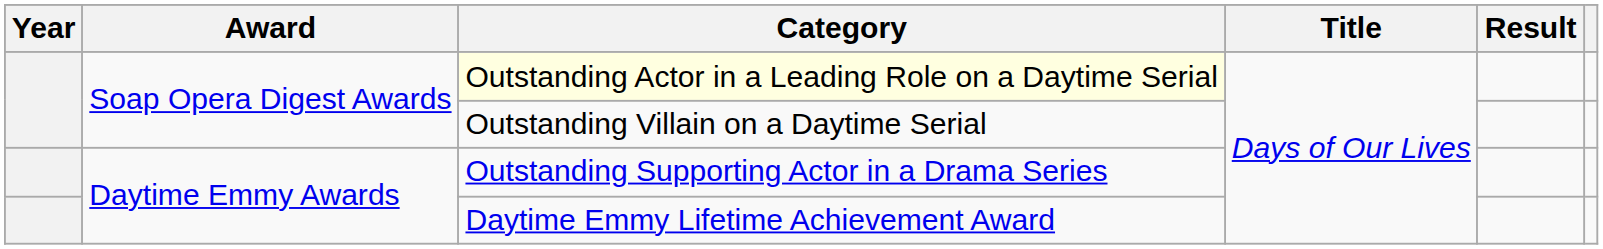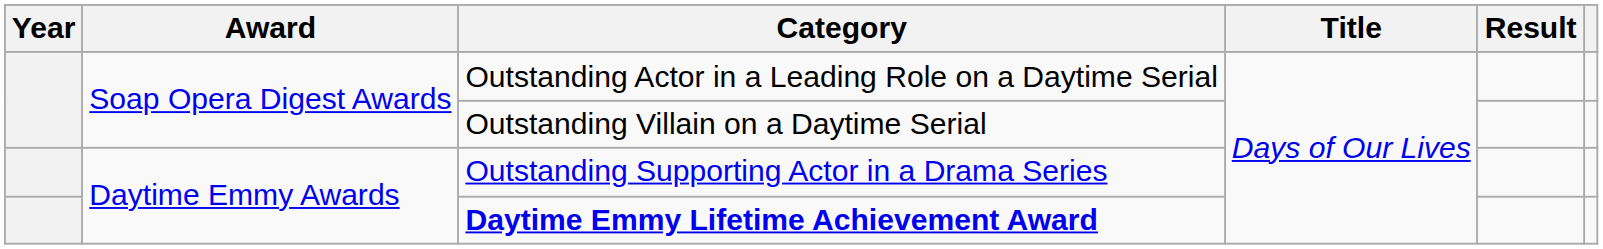 <table class="wikitable sortable plainrowheaders">
 <tr>
 <th scope="col">Year</th>
 <th scope="col">Award</th>
 <th scope="col">Category</th>
 <th scope="col">Title</th>
 <th scope="col">Result</th>
 <th scope="col" class="unsortable"></th>
 </tr>
 <tr>
 <th scope="row" rowspan="2"></th>
 <td rowspan="2"><a href='#'>Soap Opera Digest Awards</a></td>
-<td style="background: lightyellow;">Outstanding Actor in a Leading Role on a Daytime Serial</td>
+<td>Outstanding Actor in a Leading Role on a Daytime Serial</td>
 <td rowspan="4"><em><a href='#'>Days of Our Lives</a></em></td>
 <td></td>
 <td align="center"></td>
 </tr>
 <tr>
 <td>Outstanding Villain on a Daytime Serial</td>
 <td></td>
 <td align="center"></td>
 </tr>
 <tr>
 <th scope="row"></th>
 <td rowspan="2"><a href='#'>Daytime Emmy Awards</a></td>
 <td><a href='#'>Outstanding Supporting Actor in a Drama Series</a></td>
 <td></td>
 <td align="center"></td>
 </tr>
 <tr>
 <th scope="row"></th>
-<td><a href='#'>Daytime Emmy Lifetime Achievement Award</a></td>
+<td><strong><a href='#'>Daytime Emmy Lifetime Achievement Award</a></strong></td>
 <td></td>
 <td align="center"></td>
 </tr>
 </table>
